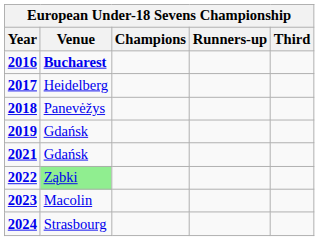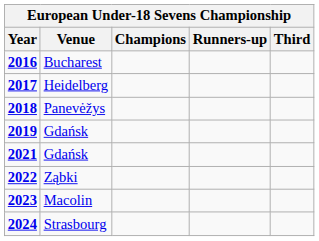 <table class="wikitable centre" style="text-align:center;">
 <tr>
 <th colspan="5">European Under-18 Sevens Championship</th>
 </tr>
 <tr>
 <th>Year</th>
 <th>Venue</th>
 <th>Champions</th>
 <th>Runners-up</th>
 <th>Third</th>
 </tr>
 <tr>
 <td><strong><a href='#'>2016</a></strong></td>
-<td align="left"><strong> <a href='#'>Bucharest</a></strong></td>
+<td align="left"> <a href='#'>Bucharest</a></td>
 <td align="left"><strong></strong></td>
 <td align="left"><strong></strong></td>
 <td align="left"></td>
 </tr>
 <tr>
 <td><strong><a href='#'>2017</a></strong></td>
 <td align="left"> <a href='#'>Heidelberg</a></td>
 <td align="left"><strong></strong></td>
 <td align="left"><strong></strong></td>
 <td align="left"></td>
 </tr>
 <tr>
 <td><strong><a href='#'>2018</a></strong></td>
 <td align="left"> <a href='#'>Panevėžys</a></td>
 <td align="left"><strong></strong></td>
 <td align="left"><strong></strong></td>
 <td align="left"></td>
 </tr>
 <tr>
 <td><strong><a href='#'>2019</a></strong></td>
 <td align="left"> <a href='#'>Gdańsk</a></td>
 <td align="left"><strong></strong></td>
 <td align="left"><strong></strong></td>
 <td align="left"></td>
 </tr>
 <tr>
 <td><strong><a href='#'>2021</a></strong></td>
 <td align="left"> <a href='#'>Gdańsk</a></td>
 <td align="left"><strong></strong></td>
 <td align="left"></td>
 <td align="left"></td>
 </tr>
 <tr>
 <td><strong><a href='#'>2022</a></strong></td>
-<td align="left" style="background: lightgreen;"> <a href='#'>Ząbki</a></td>
+<td align="left"> <a href='#'>Ząbki</a></td>
 <td align="left"><strong></strong></td>
 <td align="left"></td>
 <td align="left"></td>
 </tr>
 <tr>
 <td><strong><a href='#'>2023</a></strong></td>
 <td align="left"> <a href='#'>Macolin</a></td>
 <td align="left"><strong></strong></td>
 <td align="left"></td>
 <td align="left"></td>
 </tr>
 <tr>
 <td><strong><a href='#'>2024</a></strong></td>
 <td align="left"> <a href='#'>Strasbourg</a></td>
 <td align="left"><strong></strong></td>
 <td align="left"></td>
 <td align="left"></td>
 </tr>
 </table>
